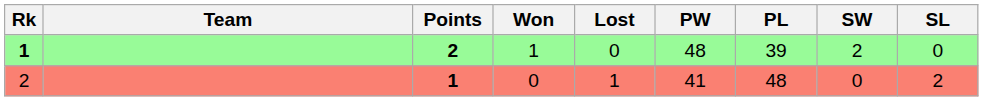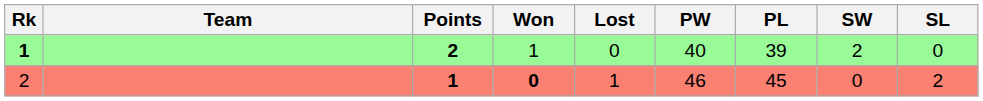 <table class=wikitable style=text-align:center>
 <tr>
 <th width=25>Rk</th>
 <th width=300>Team</th>
 <th width=60>Points</th>
 <th width=60>Won</th>
 <th width=60>Lost</th>
 <th width=60>PW</th>
 <th width=60>PL</th>
 <th width=60>SW</th>
 <th width=60>SL</th>
 </tr>
 <tr style="background: #98fb98">
 <td><strong>1</strong></td>
 <td align=left></td>
 <td><strong>2</strong></td>
 <td>1</td>
 <td>0</td>
-<td>48</td>
+<td>40</td>
 <td>39</td>
 <td>2</td>
 <td>0</td>
 </tr>
 <tr style="background: salmon">
 <td>2</td>
 <td align=left></td>
 <td><strong>1</strong></td>
-<td>0</td>
+<td><strong>0</strong></td>
 <td>1</td>
-<td>41</td>
-<td>48</td>
+<td>46</td>
+<td>45</td>
 <td>0</td>
 <td>2</td>
 </tr>
 </table>
